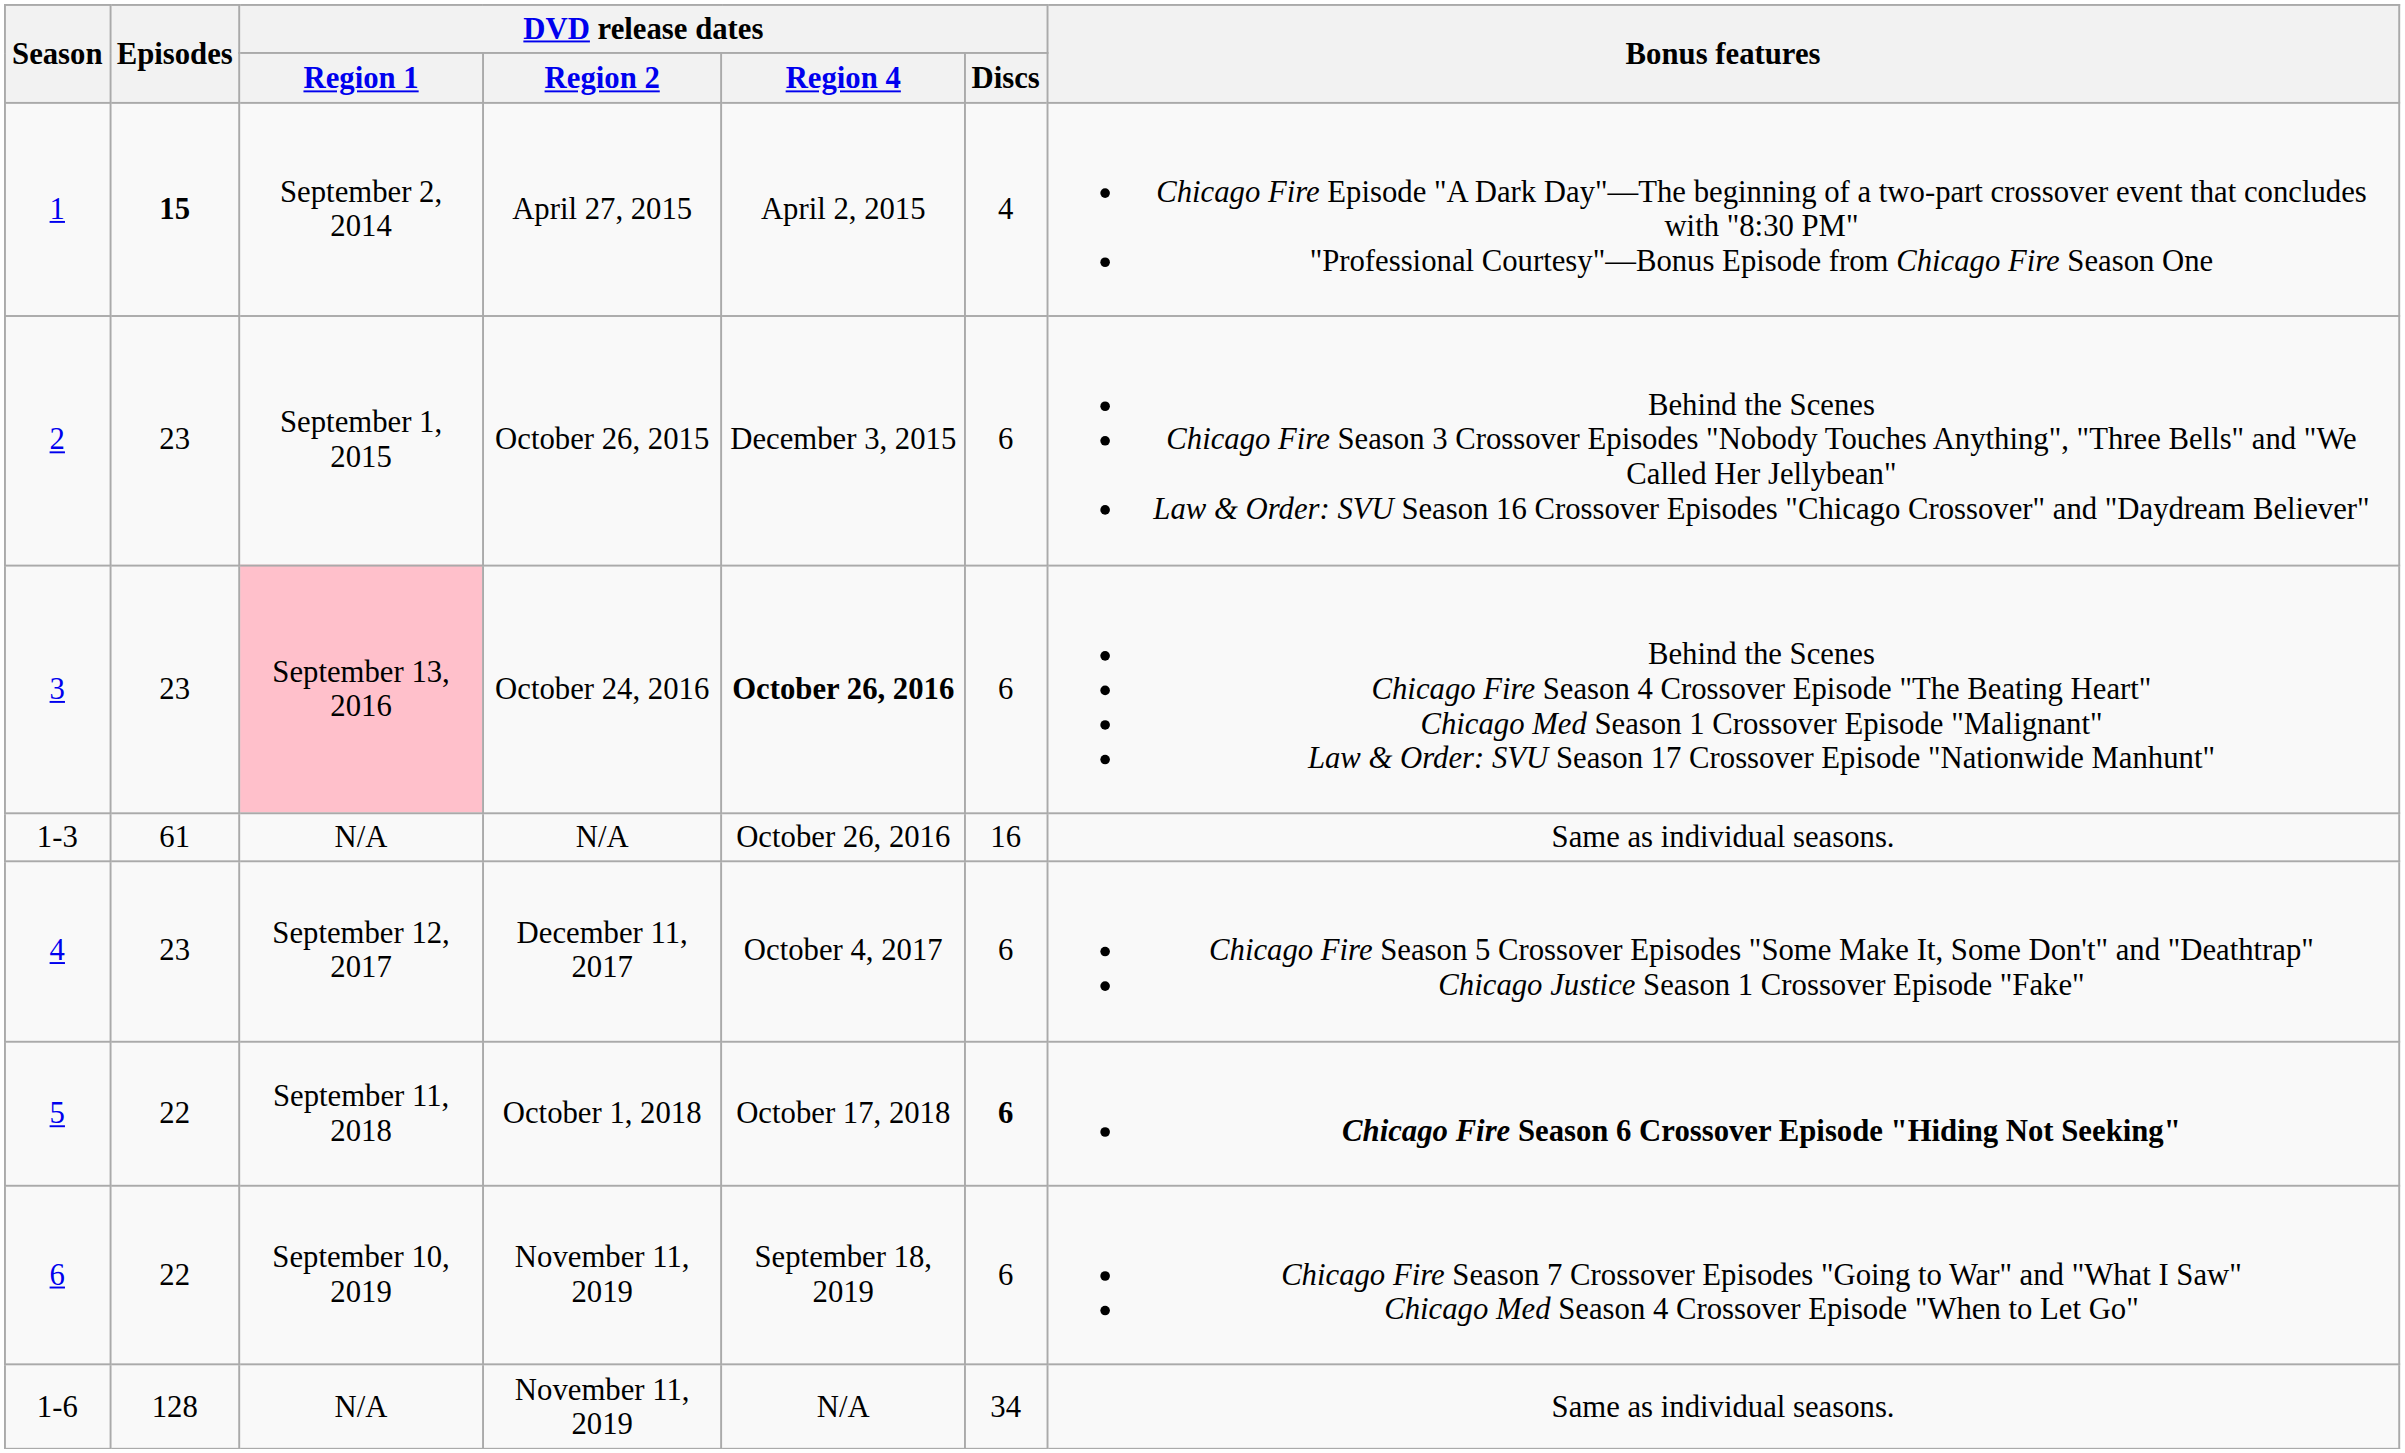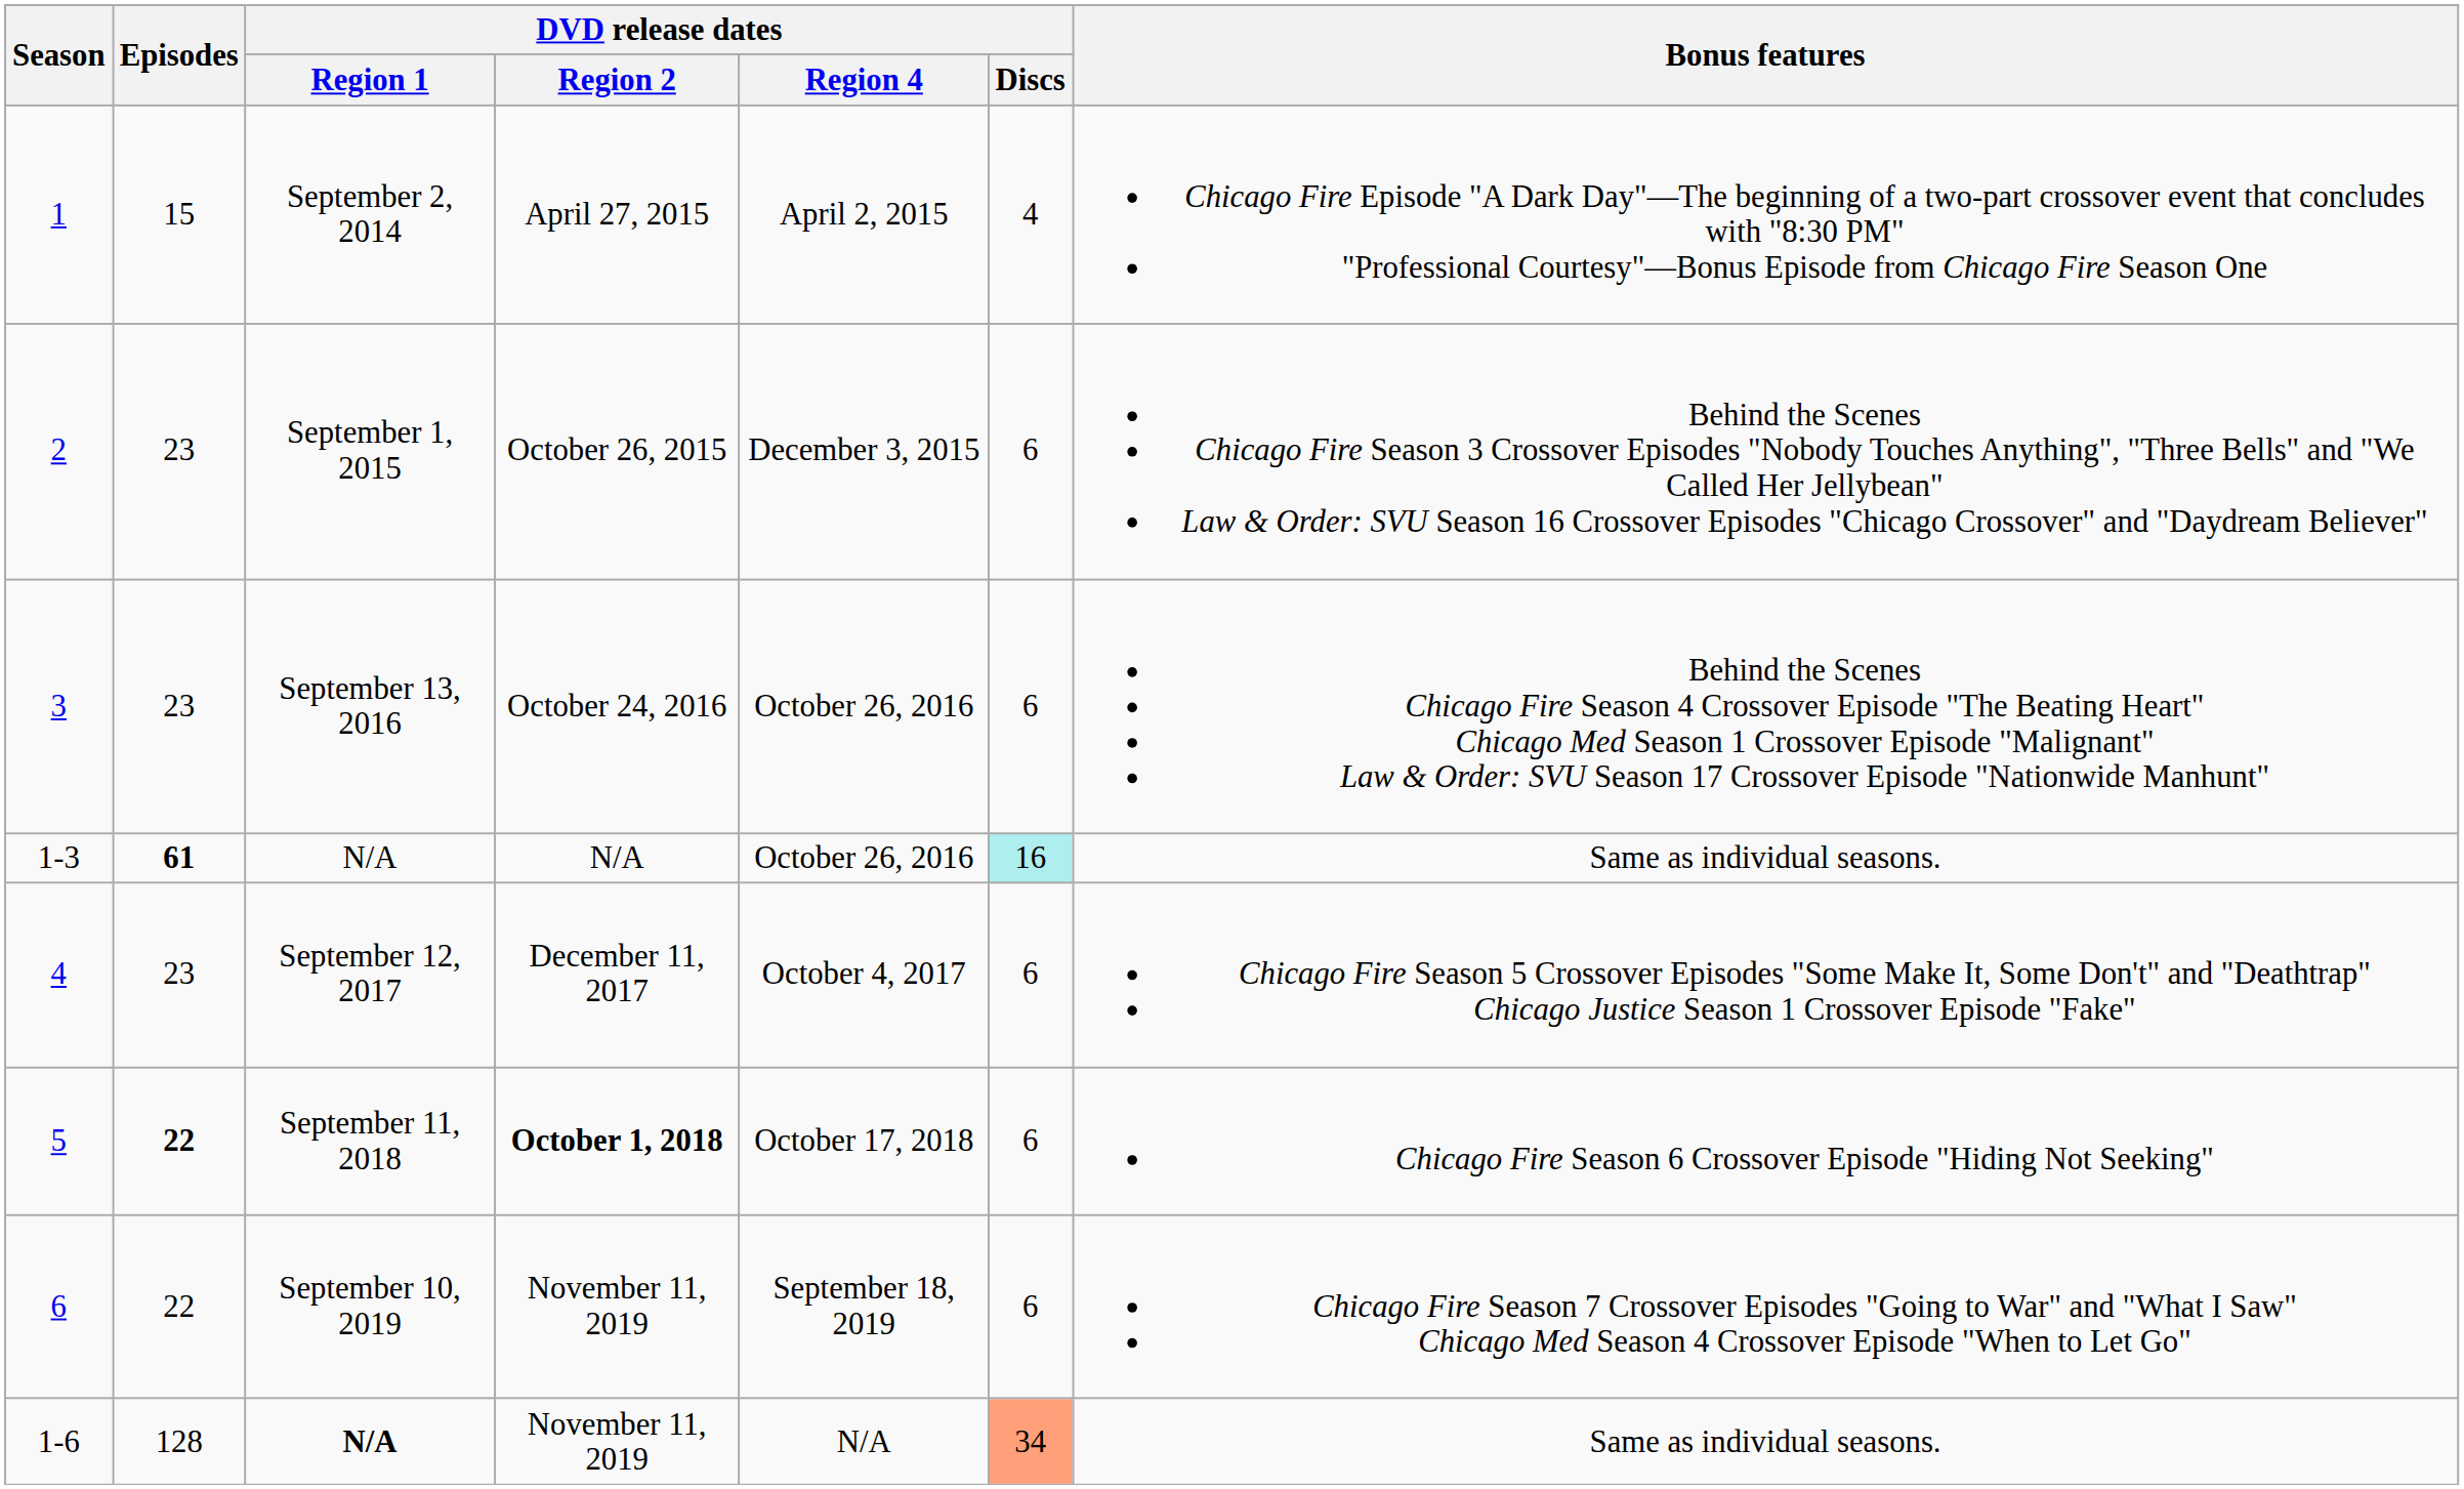 <table class="wikitable plainrowheaders" style="text-align: center;">
 <tr>
 <th rowspan="2" scope="col">Season</th>
 <th rowspan="2" scope="col">Episodes</th>
 <th colspan="4" scope="col"><a href='#'>DVD</a> release dates</th>
 <th rowspan="2" scope="col">Bonus features</th>
 </tr>
 <tr>
 <th scope="col"><a href='#'>Region 1</a></th>
 <th scope="col"><a href='#'>Region 2</a></th>
 <th scope="col"><a href='#'>Region 4</a></th>
 <th scope="col">Discs</th>
 </tr>
 <tr>
 <td scope="row"><a href='#'>1</a></td>
-<td><strong>15</strong></td>
+<td>15</td>
 <td>September 2, 2014</td>
 <td>April 27, 2015</td>
 <td>April 2, 2015</td>
 <td>4</td>
 <td><br><ul><li><em>Chicago Fire</em> Episode "A Dark Day"—The beginning of a two-part crossover event that concludes with "8:30 PM"</li><li>"Professional Courtesy"—Bonus Episode from <em>Chicago Fire</em> Season One</li></ul></td>
 </tr>
 <tr>
 <td scope="row"><a href='#'>2</a></td>
 <td>23</td>
 <td>September 1, 2015</td>
 <td>October 26, 2015</td>
 <td>December 3, 2015</td>
 <td>6</td>
 <td><br><ul><li>Behind the Scenes</li><li><em>Chicago Fire</em> Season 3 Crossover Episodes "Nobody Touches Anything", "Three Bells" and "We Called Her Jellybean"</li><li><em>Law & Order: SVU</em> Season 16 Crossover Episodes "Chicago Crossover" and "Daydream Believer"</li></ul></td>
 </tr>
 <tr>
 <td scope="row"><a href='#'>3</a></td>
 <td>23</td>
-<td style="background: pink;">September 13, 2016</td>
+<td>September 13, 2016</td>
 <td>October 24, 2016</td>
-<td><strong>October 26, 2016</strong></td>
+<td>October 26, 2016</td>
 <td>6</td>
 <td><br><ul><li>Behind the Scenes</li><li><em>Chicago Fire</em> Season 4 Crossover Episode "The Beating Heart"</li><li><em>Chicago Med</em> Season 1 Crossover Episode "Malignant"</li><li><em>Law & Order: SVU</em> Season 17 Crossover Episode "Nationwide Manhunt"</li></ul></td>
 </tr>
 <tr>
 <td>1-3</td>
-<td>61</td>
+<td><strong>61</strong></td>
 <td>N/A</td>
 <td>N/A</td>
 <td>October 26, 2016</td>
-<td>16</td>
+<td style="background: paleturquoise;">16</td>
 <td>Same as individual seasons.</td>
 </tr>
 <tr>
 <td scope="row"><a href='#'>4</a></td>
 <td>23</td>
 <td>September 12, 2017</td>
 <td>December 11, 2017</td>
 <td>October 4, 2017</td>
 <td>6</td>
 <td><br><ul><li><em>Chicago Fire</em> Season 5 Crossover Episodes "Some Make It, Some Don't" and "Deathtrap"</li><li><em>Chicago Justice</em> Season 1 Crossover Episode "Fake"</li></ul></td>
 </tr>
 <tr>
 <td scope="row"><a href='#'>5</a></td>
-<td>22</td>
+<td><strong>22</strong></td>
 <td>September 11, 2018</td>
-<td>October 1, 2018</td>
+<td><strong>October 1, 2018</strong></td>
 <td>October 17, 2018</td>
-<td><strong>6</strong></td>
-<td><strong><br><ul><li><em>Chicago Fire</em> Season 6 Crossover Episode "Hiding Not Seeking"</li></ul></strong></td>
+<td>6</td>
+<td><br><ul><li><em>Chicago Fire</em> Season 6 Crossover Episode "Hiding Not Seeking"</li></ul></td>
 </tr>
 <tr>
 <td scope="row"><a href='#'>6</a></td>
 <td>22</td>
 <td>September 10, 2019</td>
 <td>November 11, 2019</td>
 <td>September 18, 2019</td>
 <td>6</td>
 <td><br><ul><li><em>Chicago Fire</em> Season 7 Crossover Episodes "Going to War" and "What I Saw"</li><li><em>Chicago Med</em> Season 4 Crossover Episode "When to Let Go"</li></ul></td>
 </tr>
 <tr>
 <td>1-6</td>
 <td>128</td>
-<td>N/A</td>
+<td><strong>N/A</strong></td>
 <td>November 11, 2019</td>
 <td>N/A</td>
-<td>34</td>
+<td style="background: lightsalmon;">34</td>
 <td>Same as individual seasons.</td>
 </tr>
 </table>
